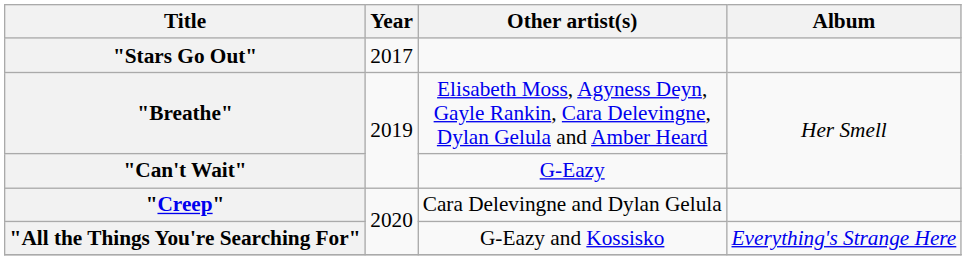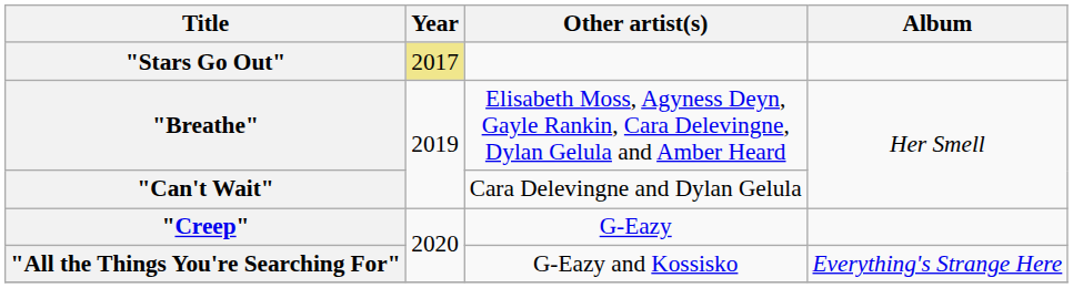 <table class="wikitable plainrowheaders" style="text-align:center;">
 <tr>
 <th>Title</th>
 <th>Year</th>
 <th>Other artist(s)</th>
 <th>Album</th>
 </tr>
 <tr>
 <th scope="row">"Stars Go Out" </th>
-<td>2017</td>
+<td style="background: khaki;">2017</td>
 <td></td>
 <td></td>
 </tr>
 <tr>
 <th scope="row">"Breathe"</th>
 <td rowspan="2">2019</td>
 <td><a href='#'>Elisabeth Moss</a>, <a href='#'>Agyness Deyn</a>,<br><a href='#'>Gayle Rankin</a>, <a href='#'>Cara Delevingne</a>,<br><a href='#'>Dylan Gelula</a> and <a href='#'>Amber Heard</a></td>
 <td rowspan="2"><em>Her Smell</em></td>
 </tr>
 <tr>
 <th scope="row">"Can't Wait"</th>
-<td><a href='#'>G-Eazy</a></td>
+<td>Cara Delevingne and Dylan Gelula</td>
 </tr>
 <tr>
 <th scope="row">"<a href='#'>Creep</a>"</th>
 <td rowspan="2">2020</td>
-<td>Cara Delevingne and Dylan Gelula</td>
+<td><a href='#'>G-Eazy</a></td>
 <td></td>
 </tr>
 <tr>
 <th scope="row">"All the Things You're Searching For"</th>
 <td>G-Eazy and <a href='#'>Kossisko</a></td>
 <td><em><a href='#'>Everything's Strange Here</a></em></td>
 </tr>
 <tr>
 </tr>
 </table>
